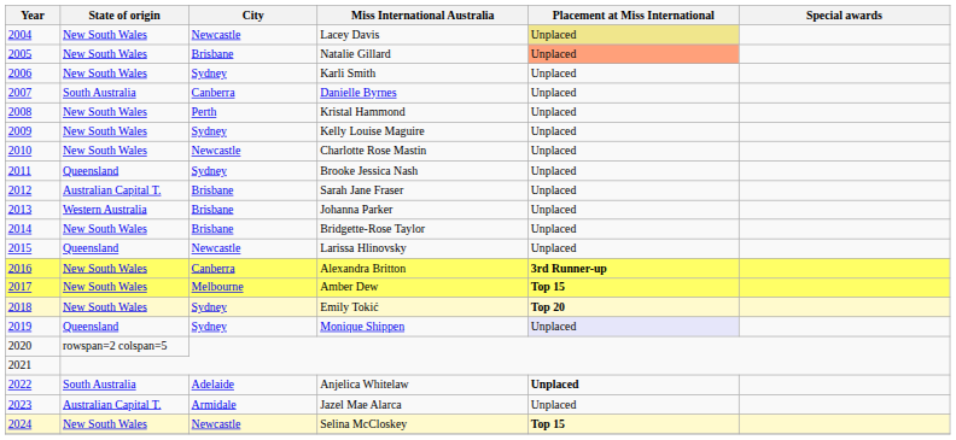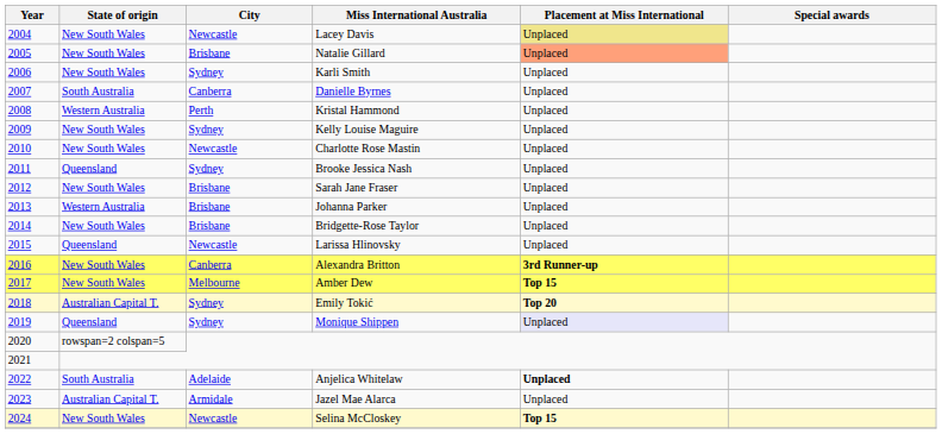 <table class="wikitable " style="font-size: 90%;">
 <tr>
 <th width="60">Year</th>
 <th width="150">State of origin</th>
 <th width="150">City</th>
 <th width="250">Miss International Australia</th>
 <th width="250">Placement at Miss International</th>
 <th width="250">Special awards</th>
 </tr>
 <tr>
 <td><a href='#'>2004</a></td>
 <td><a href='#'>New South Wales</a></td>
 <td><a href='#'>Newcastle</a></td>
 <td>Lacey Davis</td>
 <td style="background: khaki;">Unplaced</td>
 <td></td>
 </tr>
 <tr>
 <td><a href='#'>2005</a></td>
 <td><a href='#'>New South Wales</a></td>
 <td><a href='#'>Brisbane</a></td>
 <td>Natalie Gillard</td>
 <td style="background: lightsalmon;">Unplaced</td>
 <td></td>
 </tr>
 <tr>
 <td><a href='#'>2006</a></td>
 <td><a href='#'>New South Wales</a></td>
 <td><a href='#'>Sydney</a></td>
 <td>Karli Smith</td>
 <td>Unplaced</td>
 <td></td>
 </tr>
 <tr>
 <td><a href='#'>2007</a></td>
 <td><a href='#'>South Australia</a></td>
 <td><a href='#'>Canberra</a></td>
 <td><a href='#'>Danielle Byrnes</a></td>
 <td>Unplaced</td>
 <td></td>
 </tr>
 <tr>
 <td><a href='#'>2008</a></td>
-<td><a href='#'>New South Wales</a></td>
+<td><a href='#'>Western Australia</a></td>
 <td><a href='#'>Perth</a></td>
 <td>Kristal Hammond</td>
 <td>Unplaced</td>
 <td></td>
 </tr>
 <tr>
 <td><a href='#'>2009</a></td>
 <td><a href='#'>New South Wales</a></td>
 <td><a href='#'>Sydney</a></td>
 <td>Kelly Louise Maguire</td>
 <td>Unplaced</td>
 <td></td>
 </tr>
 <tr>
 <td><a href='#'>2010</a></td>
 <td><a href='#'>New South Wales</a></td>
 <td><a href='#'>Newcastle</a></td>
 <td>Charlotte Rose Mastin</td>
 <td>Unplaced</td>
 <td></td>
 </tr>
 <tr>
 <td><a href='#'>2011</a></td>
 <td><a href='#'>Queensland</a></td>
 <td><a href='#'>Sydney</a></td>
 <td>Brooke Jessica Nash</td>
 <td>Unplaced</td>
 <td></td>
 </tr>
 <tr>
 <td><a href='#'>2012</a></td>
-<td><a href='#'>Australian Capital T.</a></td>
+<td><a href='#'>New South Wales</a></td>
 <td><a href='#'>Brisbane</a></td>
 <td>Sarah Jane Fraser</td>
 <td>Unplaced</td>
 <td></td>
 </tr>
 <tr>
 <td><a href='#'>2013</a></td>
 <td><a href='#'>Western Australia</a></td>
 <td><a href='#'>Brisbane</a></td>
 <td>Johanna Parker</td>
 <td>Unplaced</td>
 <td></td>
 </tr>
 <tr>
 <td><a href='#'>2014</a></td>
 <td><a href='#'>New South Wales</a></td>
 <td><a href='#'>Brisbane</a></td>
 <td>Bridgette-Rose Taylor</td>
 <td>Unplaced</td>
 <td></td>
 </tr>
 <tr>
 <td><a href='#'>2015</a></td>
 <td><a href='#'>Queensland</a></td>
 <td><a href='#'>Newcastle</a></td>
 <td>Larissa Hlinovsky</td>
 <td>Unplaced</td>
 <td></td>
 </tr>
 <tr style="background-color:#FFFF66;">
 <td><a href='#'>2016</a></td>
 <td><a href='#'>New South Wales</a></td>
 <td><a href='#'>Canberra</a></td>
 <td>Alexandra Britton</td>
 <td><strong>3rd Runner-up</strong></td>
 <td></td>
 </tr>
 <tr style="background-color:#FFFF66;">
 <td><a href='#'>2017</a></td>
 <td><a href='#'>New South Wales</a></td>
 <td><a href='#'>Melbourne</a></td>
 <td>Amber Dew</td>
 <td><strong>Top 15</strong></td>
 <td></td>
 </tr>
 <tr style="background-color:#FFFACD;">
 <td><a href='#'>2018</a></td>
-<td><a href='#'>New South Wales</a></td>
+<td><a href='#'>Australian Capital T.</a></td>
 <td><a href='#'>Sydney</a></td>
 <td>Emily Tokić</td>
 <td><strong>Top 20</strong></td>
 <td></td>
 </tr>
 <tr>
 <td><a href='#'>2019</a></td>
 <td><a href='#'>Queensland</a></td>
 <td><a href='#'>Sydney</a></td>
 <td><a href='#'>Monique Shippen</a></td>
 <td style="background: lavender;">Unplaced</td>
 <td></td>
 </tr>
 <tr>
 <td>2020</td>
 <td>rowspan=2 colspan=5 </td>
 </tr>
 <tr>
 <td>2021</td>
 </tr>
 <tr>
 <td><a href='#'>2022</a></td>
 <td><a href='#'>South Australia</a></td>
 <td><a href='#'>Adelaide</a></td>
 <td>Anjelica Whitelaw</td>
 <td><strong>Unplaced</strong></td>
 <td></td>
 </tr>
 <tr>
 <td><a href='#'>2023</a></td>
 <td><a href='#'>Australian Capital T.</a></td>
 <td><a href='#'>Armidale</a></td>
 <td>Jazel Mae Alarca</td>
 <td>Unplaced</td>
 <td></td>
 </tr>
 <tr style="background-color:#FFFACD;">
 <td><a href='#'>2024</a></td>
 <td><a href='#'>New South Wales</a></td>
 <td><a href='#'>Newcastle</a></td>
 <td>Selina McCloskey</td>
 <td><strong>Top 15</strong></td>
 <td></td>
 </tr>
 <tr>
 </tr>
 </table>
